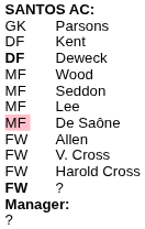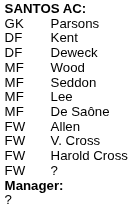 <table style="font-size:90%" cellspacing="0" cellpadding="0" align=right>
 <tr>
 <td colspan="4"><strong>SANTOS AC:</strong></td>
 </tr>
 <tr>
 <th width=25></th>
 <th width=25></th>
 </tr>
 <tr>
 <td>GK</td>
 <td></td>
 <td> Parsons</td>
 </tr>
 <tr>
 <td>DF</td>
 <td></td>
 <td> Kent</td>
 </tr>
 <tr>
-<td><strong>DF</strong></td>
+<td>DF</td>
 <td></td>
 <td> Deweck</td>
 </tr>
 <tr>
 <td>MF</td>
 <td></td>
 <td> Wood</td>
 </tr>
 <tr>
 <td>MF</td>
 <td></td>
 <td> Seddon</td>
 </tr>
 <tr>
 <td>MF</td>
 <td></td>
 <td> Lee</td>
 </tr>
 <tr>
-<td style="background: pink;">MF</td>
+<td>MF</td>
 <td></td>
 <td> De Saône</td>
 </tr>
 <tr>
 <td>FW</td>
 <td></td>
 <td> Allen</td>
 </tr>
 <tr>
 <td>FW</td>
 <td></td>
 <td> V. Cross</td>
 </tr>
 <tr>
 <td>FW</td>
 <td></td>
 <td> Harold Cross</td>
 </tr>
 <tr>
-<td><strong>FW</strong></td>
+<td>FW</td>
 <td></td>
 <td>?</td>
 </tr>
 <tr>
 <td colspan=3><strong>Manager:</strong></td>
 </tr>
 <tr>
 <td colspan=4>?</td>
 </tr>
 </table>
